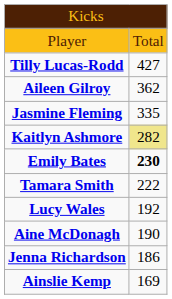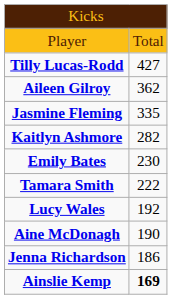 <table class="wikitable" style="text-align:center;">
 <tr>
 <td colspan="2" style="text-align:center; background: #4D2004; color: #FBBF15">Kicks</td>
 </tr>
 <tr>
 <td style="text-align:center; background: #FBBF15; color: #4D2004">Player</td>
 <td style="text-align:center; background: #FBBF15; color: #4D2004">Total</td>
 </tr>
 <tr>
 <td><strong><a href='#'>Tilly Lucas-Rodd</a></strong></td>
 <td>427</td>
 </tr>
 <tr>
 <td><strong><a href='#'>Aileen Gilroy</a></strong></td>
 <td>362</td>
 </tr>
 <tr>
 <td><strong><a href='#'>Jasmine Fleming</a></strong></td>
 <td>335</td>
 </tr>
 <tr>
 <td><strong><a href='#'>Kaitlyn Ashmore</a></strong></td>
-<td style="background: khaki;">282</td>
+<td>282</td>
 </tr>
 <tr>
 <td><strong><a href='#'>Emily Bates</a></strong></td>
-<td><strong>230</strong></td>
+<td>230</td>
 </tr>
 <tr>
 <td><strong><a href='#'>Tamara Smith</a></strong></td>
 <td>222</td>
 </tr>
 <tr>
 <td><strong><a href='#'>Lucy Wales</a></strong></td>
 <td>192</td>
 </tr>
 <tr>
 <td><strong><a href='#'>Aine McDonagh</a></strong></td>
 <td>190</td>
 </tr>
 <tr>
 <td><strong><a href='#'>Jenna Richardson</a></strong></td>
 <td>186</td>
 </tr>
 <tr>
 <td><strong><a href='#'>Ainslie Kemp</a></strong></td>
-<td>169</td>
+<td><strong>169</strong></td>
 </tr>
 </table>
